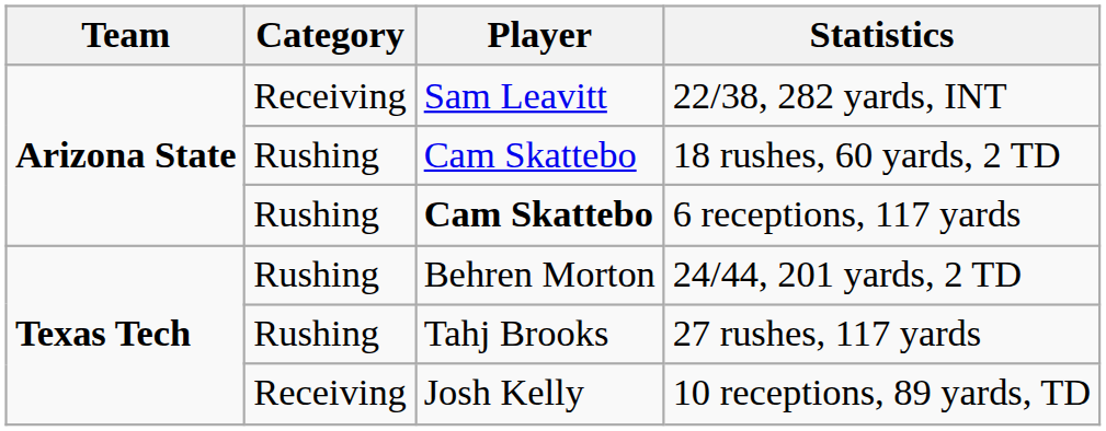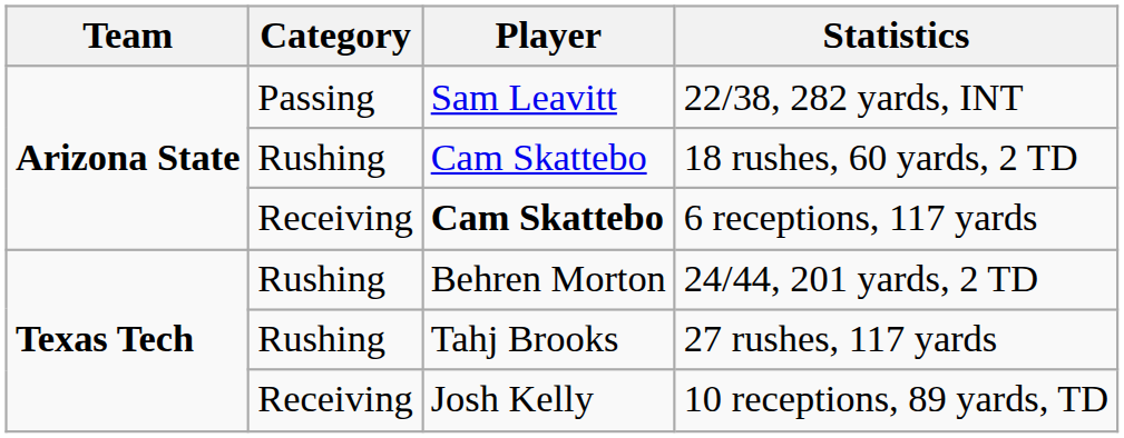 <table class="wikitable" style="float: right;">
 <tr>
 <th>Team</th>
 <th>Category</th>
 <th>Player</th>
 <th>Statistics</th>
 </tr>
 <tr>
 <td rowspan=3><strong>Arizona State</strong></td>
-<td>Receiving</td>
+<td>Passing</td>
 <td><a href='#'>Sam Leavitt</a></td>
 <td>22/38, 282 yards, INT</td>
 </tr>
 <tr>
 <td>Rushing</td>
 <td><a href='#'>Cam Skattebo</a></td>
 <td>18 rushes, 60 yards, 2 TD</td>
 </tr>
 <tr>
-<td>Rushing</td>
+<td>Receiving</td>
 <td><strong>Cam Skattebo</strong></td>
 <td>6 receptions, 117 yards</td>
 </tr>
 <tr>
 <td rowspan=3><strong>Texas Tech</strong></td>
 <td>Rushing</td>
 <td>Behren Morton</td>
 <td>24/44, 201 yards, 2 TD</td>
 </tr>
 <tr>
 <td>Rushing</td>
 <td>Tahj Brooks</td>
 <td>27 rushes, 117 yards</td>
 </tr>
 <tr>
 <td>Receiving</td>
 <td>Josh Kelly</td>
 <td>10 receptions, 89 yards, TD</td>
 </tr>
 </table>
